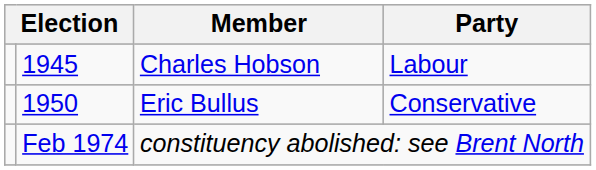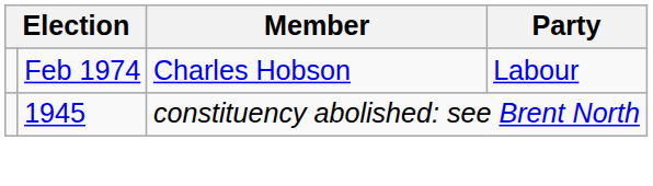 <table class="wikitable">
 <tr>
 <th colspan="2">Election</th>
 <th>Member</th>
 <th>Party</th>
 </tr>
 <tr>
 <td style="color:inherit;background-color: "></td>
-<td><a href='#'>1945</a></td>
+<td><a href='#'>Feb 1974</a></td>
 <td><a href='#'>Charles Hobson</a></td>
 <td><a href='#'>Labour</a></td>
 </tr>
 <tr>
-<td style="color:inherit;background-color: "></td>
-<td><a href='#'>1950</a></td>
-<td><a href='#'>Eric Bullus</a></td>
-<td><a href='#'>Conservative</a></td>
-</tr>
-<tr>
 <td></td>
-<td><a href='#'>Feb 1974</a></td>
+<td><a href='#'>1945</a></td>
 <td colspan="2"><em>constituency abolished: see <a href='#'>Brent North</a></em></td>
 </tr>
 </table>
